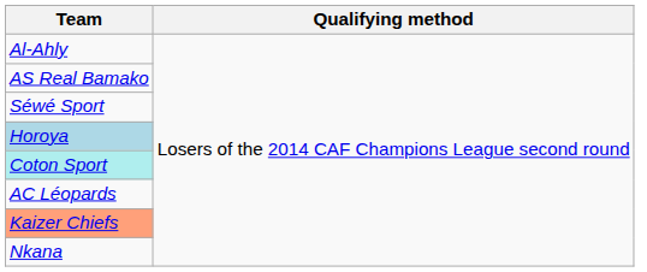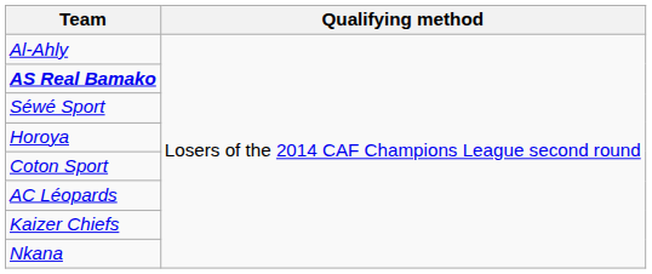 <table class="wikitable">
 <tr>
 <th>Team</th>
 <th>Qualifying method</th>
 </tr>
 <tr>
 <td> <em><a href='#'>Al-Ahly</a></em></td>
 <td rowspan=8>Losers of the <a href='#'>2014 CAF Champions League second round</a></td>
 </tr>
 <tr>
-<td> <em><a href='#'>AS Real Bamako</a></em></td>
+<td><strong> <em><a href='#'>AS Real Bamako</a></em></strong></td>
 </tr>
 <tr>
 <td> <em><a href='#'>Séwé Sport</a></em></td>
 </tr>
 <tr>
-<td style="background: lightblue;"> <em><a href='#'>Horoya</a></em></td>
+<td> <em><a href='#'>Horoya</a></em></td>
 </tr>
 <tr>
-<td style="background: paleturquoise;"> <em><a href='#'>Coton Sport</a></em></td>
+<td> <em><a href='#'>Coton Sport</a></em></td>
 </tr>
 <tr>
 <td> <em><a href='#'>AC Léopards</a></em></td>
 </tr>
 <tr>
-<td style="background: lightsalmon;"> <em><a href='#'>Kaizer Chiefs</a></em></td>
+<td> <em><a href='#'>Kaizer Chiefs</a></em></td>
 </tr>
 <tr>
 <td> <em><a href='#'>Nkana</a></em></td>
 </tr>
 </table>
